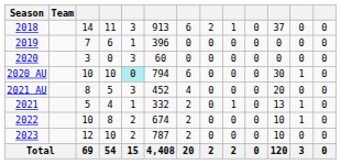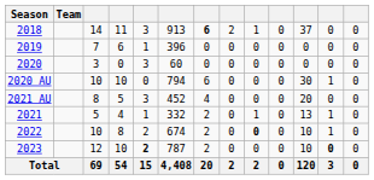 <table class="wikitable" style="text-align:center">
 <tr>
 <th>Season</th>
 <th>Team</th>
 <th style="width:25px"></th>
 <th style="width:25px"></th>
 <th style="width:25px"></th>
 <th style="width:25px"></th>
 <th style="width:25px"></th>
 <th style="width:25px"></th>
 <th style="width:25px"></th>
 <th style="width:25px"></th>
 <th style="width:25px"></th>
 <th style="width:25px"></th>
 <th style="width:25px"></th>
 </tr>
 <tr>
 <td><a href='#'>2018</a></td>
 <td></td>
 <td>14</td>
 <td>11</td>
 <td>3</td>
 <td>913</td>
-<td>6</td>
+<td><strong>6</strong></td>
 <td>2</td>
 <td>1</td>
 <td>0</td>
 <td>37</td>
 <td>0</td>
 <td>0</td>
 </tr>
 <tr>
 <td><a href='#'>2019</a></td>
 <td></td>
 <td>7</td>
 <td>6</td>
 <td>1</td>
 <td>396</td>
 <td>0</td>
 <td>0</td>
 <td>0</td>
 <td>0</td>
 <td>0</td>
 <td>0</td>
 <td>0</td>
 </tr>
 <tr>
 <td><a href='#'>2020</a></td>
 <td></td>
 <td>3</td>
 <td>0</td>
 <td>3</td>
 <td>60</td>
 <td>0</td>
 <td>0</td>
 <td>0</td>
 <td>0</td>
 <td>0</td>
 <td>0</td>
 <td>0</td>
 </tr>
 <tr>
 <td><a href='#'>2020 AU</a></td>
 <td></td>
 <td>10</td>
 <td>10</td>
-<td style="background: paleturquoise;">0</td>
+<td>0</td>
 <td>794</td>
 <td>6</td>
 <td>0</td>
 <td>0</td>
 <td>0</td>
 <td>30</td>
 <td>1</td>
 <td>0</td>
 </tr>
 <tr>
 <td><a href='#'>2021 AU</a></td>
 <td></td>
 <td>8</td>
 <td>5</td>
 <td>3</td>
 <td>452</td>
 <td>4</td>
 <td>0</td>
 <td>0</td>
 <td>0</td>
 <td>20</td>
 <td>0</td>
 <td>0</td>
 </tr>
 <tr>
 <td><a href='#'>2021</a></td>
 <td></td>
 <td>5</td>
 <td>4</td>
 <td>1</td>
 <td>332</td>
 <td>2</td>
 <td>0</td>
 <td>1</td>
 <td>0</td>
 <td>13</td>
 <td>1</td>
 <td>0</td>
 </tr>
 <tr>
 <td><a href='#'>2022</a></td>
 <td></td>
 <td>10</td>
 <td>8</td>
 <td>2</td>
 <td>674</td>
 <td>2</td>
 <td>0</td>
-<td>0</td>
+<td><strong>0</strong></td>
 <td>0</td>
 <td>10</td>
 <td>1</td>
 <td>0</td>
 </tr>
 <tr>
 <td><a href='#'>2023</a></td>
 <td></td>
 <td>12</td>
 <td>10</td>
-<td>2</td>
+<td><strong>2</strong></td>
 <td>787</td>
 <td>2</td>
 <td>0</td>
 <td>0</td>
 <td>0</td>
 <td>10</td>
-<td>0</td>
+<td><strong>0</strong></td>
 <td>0</td>
 </tr>
 <tr>
 <th colspan="2">Total</th>
 <th>69</th>
 <th>54</th>
 <th>15</th>
 <th>4,408</th>
 <th>20</th>
 <th>2</th>
 <th>2</th>
 <th>0</th>
 <th>120</th>
 <th>3</th>
 <th>0</th>
 </tr>
 </table>
